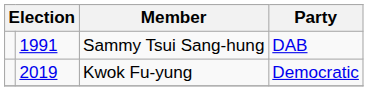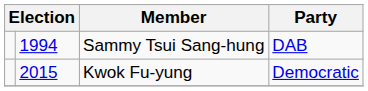 <table class="wikitable">
 <tr>
 <th colspan="2">Election</th>
 <th>Member</th>
 <th>Party</th>
 </tr>
 <tr>
 <td style="background-color: "></td>
-<td><a href='#'>1991</a></td>
+<td><a href='#'>1994</a></td>
 <td>Sammy Tsui Sang-hung</td>
 <td><a href='#'>DAB</a></td>
 </tr>
 <tr>
 <td style="background-color: "></td>
-<td><a href='#'>2019</a></td>
+<td><a href='#'>2015</a></td>
 <td>Kwok Fu-yung</td>
 <td><a href='#'>Democratic</a></td>
 </tr>
 <tr>
 </tr>
 </table>
